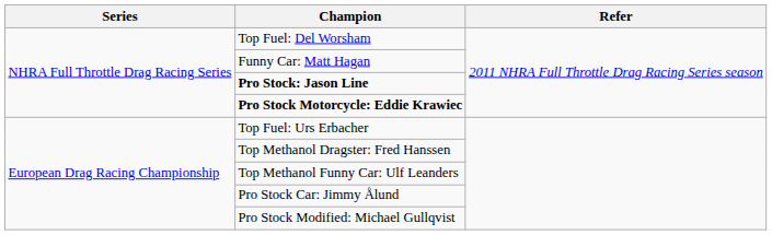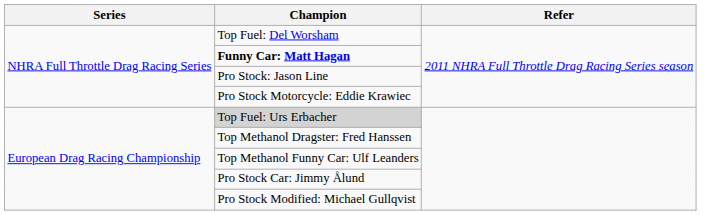 <table class="wikitable" style="font-size:87%;">
 <tr>
 <th>Series</th>
 <th>Champion</th>
 <th>Refer</th>
 </tr>
 <tr>
 <td rowspan=4><a href='#'>NHRA Full Throttle Drag Racing Series</a></td>
 <td>Top Fuel:  <a href='#'>Del Worsham</a></td>
 <td rowspan=4><em><a href='#'>2011 NHRA Full Throttle Drag Racing Series season</a></em></td>
 </tr>
 <tr>
-<td>Funny Car:  <a href='#'>Matt Hagan</a></td>
+<td><strong>Funny Car:  <a href='#'>Matt Hagan</a></strong></td>
 </tr>
 <tr>
-<td><strong>Pro Stock:  Jason Line</strong></td>
+<td>Pro Stock:  Jason Line</td>
 </tr>
 <tr>
-<td><strong>Pro Stock Motorcycle:  Eddie Krawiec</strong></td>
+<td>Pro Stock Motorcycle:  Eddie Krawiec</td>
 </tr>
 <tr>
 <td rowspan=5><a href='#'>European Drag Racing Championship</a></td>
-<td>Top Fuel:  Urs Erbacher</td>
+<td style="background: lightgrey;">Top Fuel:  Urs Erbacher</td>
 <td rowspan=5></td>
 </tr>
 <tr>
 <td>Top Methanol Dragster:  Fred Hanssen</td>
 </tr>
 <tr>
 <td>Top Methanol Funny Car:  Ulf Leanders</td>
 </tr>
 <tr>
 <td>Pro Stock Car:  Jimmy Ålund</td>
 </tr>
 <tr>
 <td>Pro Stock Modified:  Michael Gullqvist</td>
 </tr>
 </table>
